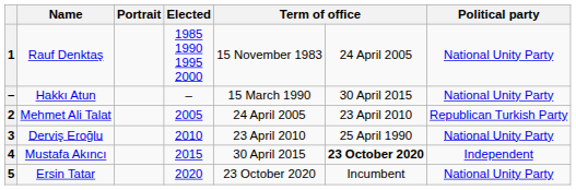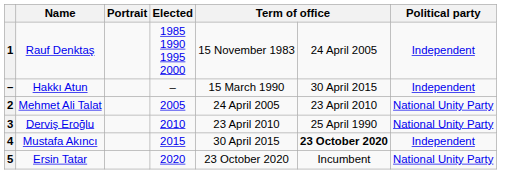 <table class="wikitable" style="text-align:center">
 <tr>
 <th></th>
 <th>Name<br></th>
 <th>Portrait</th>
 <th>Elected</th>
 <th colspan=2>Term of office</th>
 <th>Political party</th>
 </tr>
 <tr>
 <th style="background:">1</th>
 <td><a href='#'>Rauf Denktaş</a><br></td>
 <td></td>
 <td><a href='#'>1985</a><br><a href='#'>1990</a><br><a href='#'>1995</a><br><a href='#'>2000</a></td>
 <td>15 November 1983</td>
 <td>24 April 2005</td>
-<td><a href='#'>National Unity Party</a></td>
+<td><a href='#'>Independent</a></td>
 </tr>
 <tr>
 <th style="background:">–</th>
 <td><a href='#'>Hakkı Atun</a><br></td>
 <td></td>
 <td>–</td>
 <td>15 March 1990</td>
 <td>30 April 2015</td>
-<td><a href='#'>National Unity Party</a></td>
+<td><a href='#'>Independent</a></td>
 </tr>
 <tr>
 <th style="background:">2</th>
 <td><a href='#'>Mehmet Ali Talat</a><br></td>
 <td></td>
 <td><a href='#'>2005</a></td>
 <td>24 April 2005</td>
 <td>23 April 2010</td>
-<td><a href='#'>Republican Turkish Party</a></td>
+<td><a href='#'>National Unity Party</a></td>
 </tr>
 <tr>
 <th style="background:">3</th>
 <td><a href='#'>Derviş Eroğlu</a><br></td>
 <td></td>
 <td><a href='#'>2010</a></td>
 <td>23 April 2010</td>
 <td>25 April 1990</td>
 <td><a href='#'>National Unity Party</a></td>
 </tr>
 <tr>
 <th style="background:">4</th>
 <td><a href='#'>Mustafa Akıncı</a><br></td>
 <td></td>
 <td><a href='#'>2015</a></td>
 <td>30 April 2015</td>
 <td><strong>23 October 2020</strong></td>
 <td><a href='#'>Independent</a></td>
 </tr>
 <tr>
 <th style="background:">5</th>
 <td><a href='#'>Ersin Tatar</a><br></td>
 <td></td>
 <td><a href='#'>2020</a></td>
 <td>23 October 2020</td>
 <td>Incumbent</td>
 <td><a href='#'>National Unity Party</a></td>
 </tr>
 </table>
